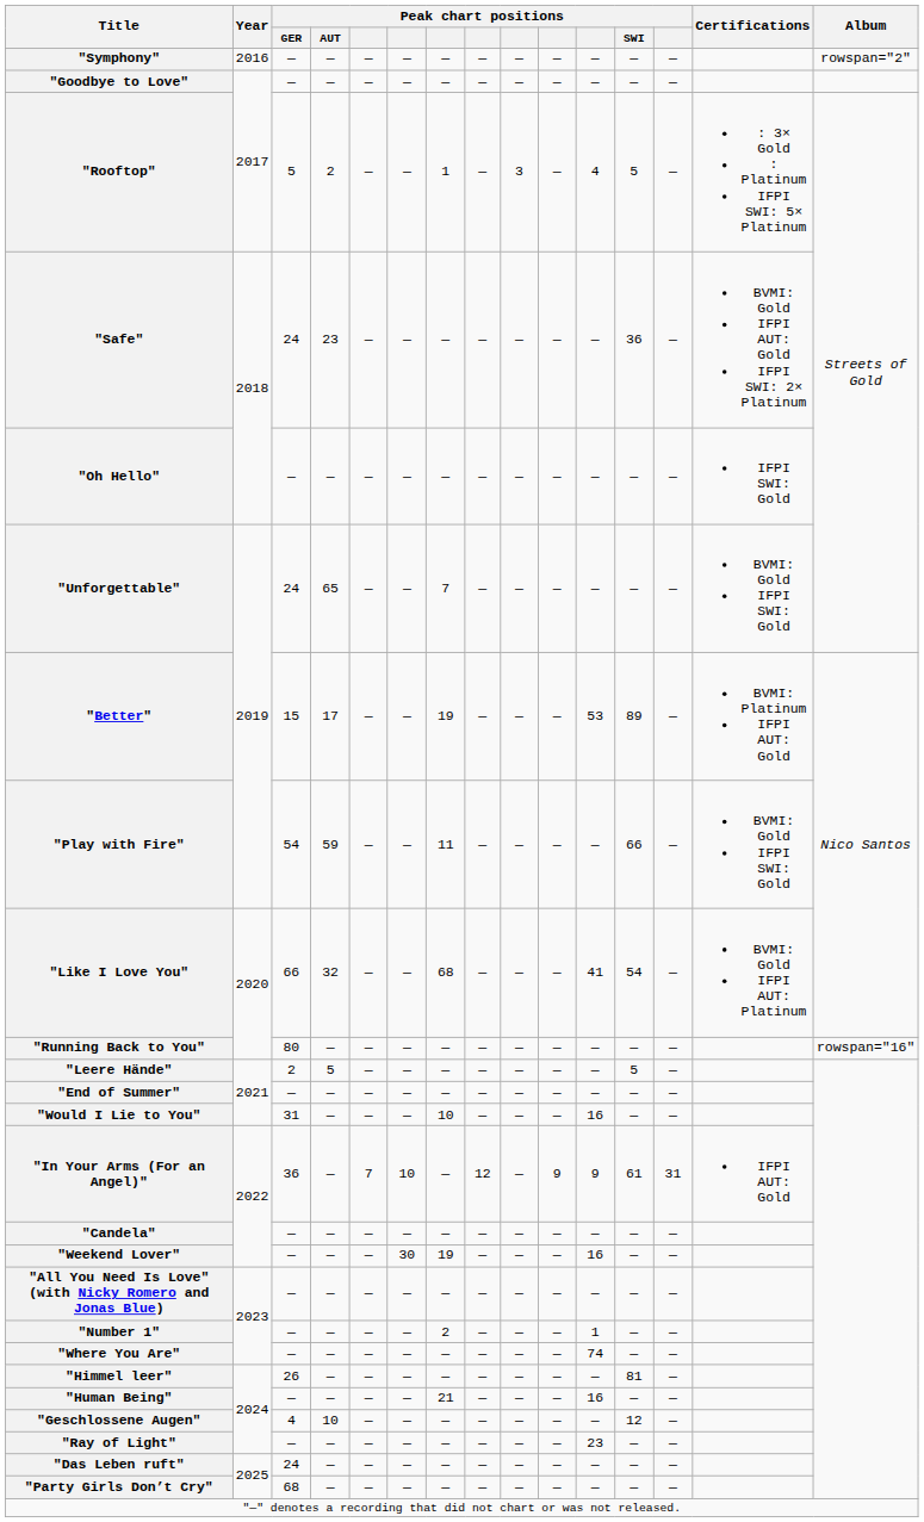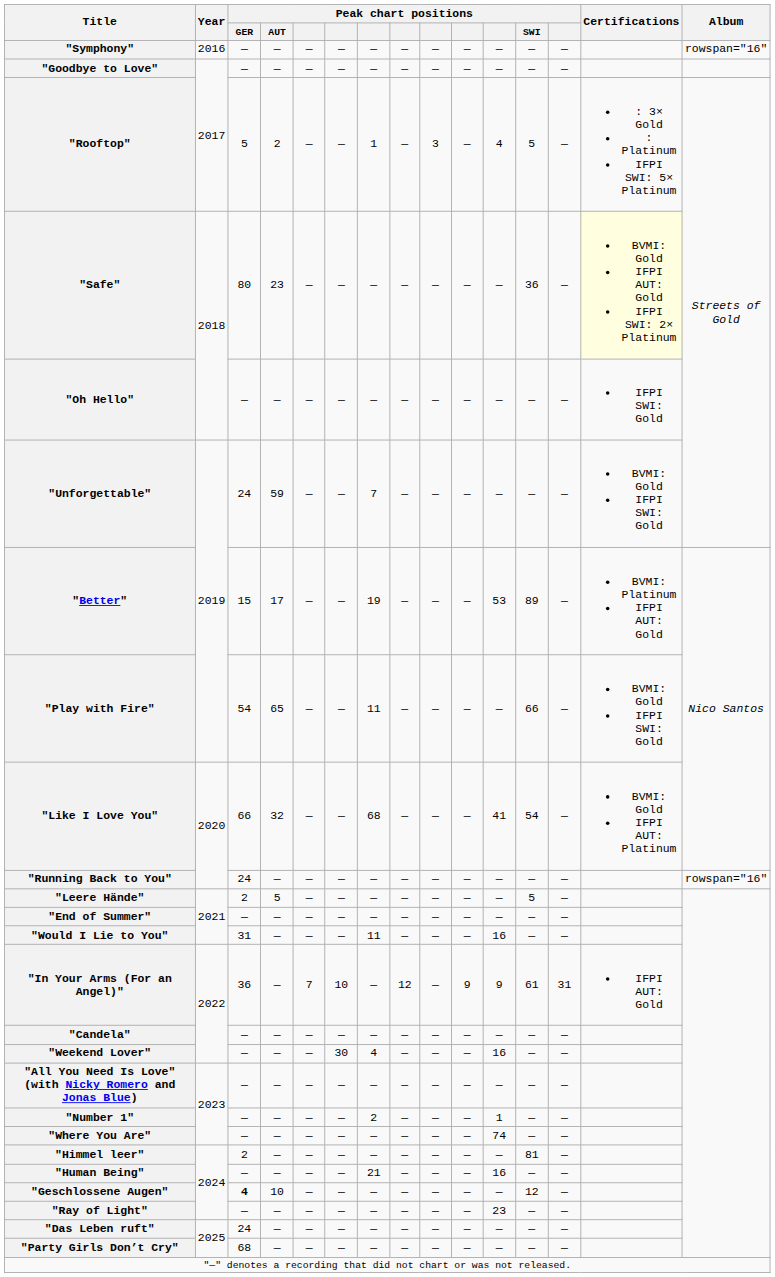 <table class="wikitable plainrowheaders" style="text-align: center;">
 <tr>
 <th scope="col" rowspan="2" style="width:17em;">Title</th>
 <th scope="col" rowspan="2" style="width:1em;">Year</th>
 <th scope="col" colspan="11">Peak chart positions</th>
 <th scope="col" rowspan="2">Certifications</th>
 <th scope="col" rowspan="2">Album</th>
 </tr>
 <tr>
 <th scope="col" style="width:3em; font-size:85%;">GER<br></th>
 <th scope="col" style="width:3em; font-size:85%;">AUT<br></th>
 <th scope="col" style="width:3em; font-size:85%;"><a href='#'></a><br></th>
 <th scope="col" style="width:3em; font-size:85%;"><a href='#'></a><br></th>
 <th scope="col" style="width:3em; font-size:85%;"><a href='#'></a><br></th>
 <th scope="col" style="width:2.5em;font-size:90%;"><a href='#'></a><br></th>
 <th scope="col" style="width:3em; font-size:85%;"><a href='#'></a><br></th>
 <th scope="col" style="width:3em; font-size:85%;"><a href='#'></a><br></th>
 <th scope="col" style="width:3em; font-size:85%;"><a href='#'></a><br></th>
 <th scope="col" style="width:3em; font-size:85%;">SWI<br></th>
 <th scope="col" style="width:3em; font-size:85%;"><a href='#'></a><br></th>
 </tr>
 <tr>
 <th scope="row">"Symphony"<br></th>
 <td>2016</td>
 <td>—</td>
 <td>—</td>
 <td>—</td>
 <td>—</td>
 <td>—</td>
 <td>—</td>
 <td>—</td>
 <td>—</td>
 <td>—</td>
 <td>—</td>
 <td>—</td>
 <td></td>
-<td>rowspan="2" </td>
+<td>rowspan="16" </td>
 </tr>
 <tr>
 <th scope="row">"Goodbye to Love"<br></th>
 <td rowspan="2">2017</td>
 <td>—</td>
 <td>—</td>
 <td>—</td>
 <td>—</td>
 <td>—</td>
 <td>—</td>
 <td>—</td>
 <td>—</td>
 <td>—</td>
 <td>—</td>
 <td>—</td>
 <td></td>
 </tr>
 <tr>
 <th scope="row">"Rooftop"<br></th>
 <td>5</td>
 <td>2</td>
 <td>—</td>
 <td>—</td>
 <td>1</td>
 <td>—</td>
 <td>3</td>
 <td>—</td>
 <td>4</td>
 <td>5</td>
 <td>—</td>
 <td><br><ul><li><a href='#'></a>: 3× Gold</li><li><a href='#'></a>: Platinum</li><li>IFPI SWI: 5× Platinum</li></ul></td>
 <td rowspan="4"><em>Streets of Gold</em></td>
 </tr>
 <tr>
 <th scope="row">"Safe"</th>
 <td rowspan="2">2018</td>
-<td>24</td>
+<td>80</td>
 <td>23</td>
 <td>—</td>
 <td>—</td>
 <td>—</td>
 <td>—</td>
 <td>—</td>
 <td>—</td>
 <td>—</td>
 <td>36</td>
 <td>—</td>
-<td><br><ul><li>BVMI: Gold</li><li>IFPI AUT: Gold</li><li>IFPI SWI: 2× Platinum</li></ul></td>
+<td style="background: lightyellow;"><br><ul><li>BVMI: Gold</li><li>IFPI AUT: Gold</li><li>IFPI SWI: 2× Platinum</li></ul></td>
 </tr>
 <tr>
 <th scope="row">"Oh Hello"</th>
 <td>—</td>
 <td>—</td>
 <td>—</td>
 <td>—</td>
 <td>—</td>
 <td>—</td>
 <td>—</td>
 <td>—</td>
 <td>—</td>
 <td>—</td>
 <td>—</td>
 <td><br><ul><li>IFPI SWI: Gold</li></ul></td>
 </tr>
 <tr>
 <th scope="row">"Unforgettable"</th>
 <td rowspan="3">2019</td>
 <td>24</td>
-<td>65</td>
+<td>59</td>
 <td>—</td>
 <td>—</td>
 <td>7</td>
 <td>—</td>
 <td>—</td>
 <td>—</td>
 <td>—</td>
 <td>—</td>
 <td>—</td>
 <td><br><ul><li>BVMI: Gold</li><li>IFPI SWI: Gold</li></ul></td>
 </tr>
 <tr>
 <th scope="row">"<a href='#'>Better</a>"<br></th>
 <td>15</td>
 <td>17</td>
 <td>—</td>
 <td>—</td>
 <td>19</td>
 <td>—</td>
 <td>—</td>
 <td>—</td>
 <td>53</td>
 <td>89</td>
 <td>—</td>
 <td><br><ul><li>BVMI: Platinum</li><li>IFPI AUT: Gold</li></ul></td>
 <td rowspan="3"><em>Nico Santos</em></td>
 </tr>
 <tr>
 <th scope="row">"Play with Fire"</th>
 <td>54</td>
-<td>59</td>
+<td>65</td>
 <td>—</td>
 <td>—</td>
 <td>11</td>
 <td>—</td>
 <td>—</td>
 <td>—</td>
 <td>—</td>
 <td>66</td>
 <td>—</td>
 <td><br><ul><li>BVMI: Gold</li><li>IFPI SWI: Gold</li></ul></td>
 </tr>
 <tr>
 <th scope="row">"Like I Love You"<br></th>
 <td rowspan="2">2020</td>
 <td>66</td>
 <td>32</td>
 <td>—</td>
 <td>—</td>
 <td>68</td>
 <td>—</td>
 <td>—</td>
 <td>—</td>
 <td>41</td>
 <td>54</td>
 <td>—</td>
 <td><br><ul><li>BVMI: Gold</li><li>IFPI AUT: Platinum</li></ul></td>
 </tr>
 <tr>
 <th scope="row">"Running Back to You"<br></th>
-<td>80</td>
+<td>24</td>
 <td>—</td>
 <td>—</td>
 <td>—</td>
 <td>—</td>
 <td>—</td>
 <td>—</td>
 <td>—</td>
 <td>—</td>
 <td>—</td>
 <td>—</td>
 <td></td>
 <td>rowspan="16" </td>
 </tr>
 <tr>
 <th scope="row">"Leere Hände"<br></th>
 <td rowspan="3">2021</td>
 <td>2</td>
 <td>5</td>
 <td>—</td>
 <td>—</td>
 <td>—</td>
 <td>—</td>
 <td>—</td>
 <td>—</td>
 <td>—</td>
 <td>5</td>
 <td>—</td>
 <td></td>
 </tr>
 <tr>
 <th scope="row">"End of Summer"</th>
 <td>—</td>
 <td>—</td>
 <td>—</td>
 <td>—</td>
 <td>—</td>
 <td>—</td>
 <td>—</td>
 <td>—</td>
 <td>—</td>
 <td>—</td>
 <td>—</td>
 <td></td>
 </tr>
 <tr>
 <th scope="row">"Would I Lie to You"</th>
 <td>31</td>
 <td>—</td>
 <td>—</td>
 <td>—</td>
-<td>10</td>
+<td>11</td>
 <td>—</td>
 <td>—</td>
 <td>—</td>
 <td>16</td>
 <td>—</td>
 <td>—</td>
 <td></td>
 </tr>
 <tr>
 <th scope="row">"In Your Arms (For an Angel)"<br></th>
 <td rowspan="3">2022</td>
 <td>36</td>
 <td>—</td>
 <td>7</td>
 <td>10</td>
 <td>—</td>
 <td>12</td>
 <td>—</td>
 <td>9</td>
 <td>9</td>
 <td>61</td>
 <td>31</td>
 <td><br><ul><li>IFPI AUT: Gold</li></ul></td>
 </tr>
 <tr>
 <th scope="row">"Candela"<br></th>
 <td>―</td>
 <td>—</td>
 <td>—</td>
 <td>—</td>
 <td>—</td>
 <td>—</td>
 <td>—</td>
 <td>—</td>
 <td>—</td>
 <td>—</td>
 <td>—</td>
 <td></td>
 </tr>
 <tr>
 <th scope="row">"Weekend Lover"</th>
 <td>—</td>
 <td>—</td>
 <td>—</td>
 <td>30</td>
-<td>19</td>
+<td>4</td>
 <td>—</td>
 <td>—</td>
 <td>—</td>
 <td>16</td>
 <td>—</td>
 <td>—</td>
 <td></td>
 </tr>
 <tr>
 <th scope="row">"All You Need Is Love"<br><span>(with <a href='#'>Nicky Romero</a> and <a href='#'>Jonas Blue</a>)</span></th>
 <td rowspan=3>2023</td>
 <td>—</td>
 <td>—</td>
 <td>—</td>
 <td>—</td>
 <td>—</td>
 <td>—</td>
 <td>—</td>
 <td>—</td>
 <td>—</td>
 <td>—</td>
 <td>—</td>
 <td></td>
 </tr>
 <tr>
 <th scope="row">"Number 1"</th>
 <td>—</td>
 <td>—</td>
 <td>—</td>
 <td>—</td>
 <td>2</td>
 <td>—</td>
 <td>—</td>
 <td>—</td>
 <td>1</td>
 <td>—</td>
 <td>—</td>
 <td></td>
 </tr>
 <tr>
 <th scope="row">"Where You Are"<br></th>
 <td>—</td>
 <td>—</td>
 <td>—</td>
 <td>—</td>
 <td>—</td>
 <td>—</td>
 <td>—</td>
 <td>—</td>
 <td>74</td>
 <td>—</td>
 <td>—</td>
 <td></td>
 </tr>
 <tr>
 <th scope="row">"Himmel leer"<br></th>
 <td rowspan=4>2024</td>
-<td>26</td>
+<td>2</td>
 <td>—</td>
 <td>—</td>
 <td>—</td>
 <td>—</td>
 <td>—</td>
 <td>—</td>
 <td>—</td>
 <td>—</td>
 <td>81</td>
 <td>—</td>
 <td></td>
 </tr>
 <tr>
 <th scope="row">"Human Being"</th>
 <td>—</td>
 <td>—</td>
 <td>—</td>
 <td>—</td>
 <td>21</td>
 <td>—</td>
 <td>—</td>
 <td>—</td>
 <td>16</td>
 <td>—</td>
 <td>—</td>
 <td></td>
 </tr>
 <tr>
 <th scope="row">"Geschlossene Augen"<br></th>
-<td>4</td>
+<td><strong>4</strong></td>
 <td>10</td>
 <td>—</td>
 <td>—</td>
 <td>—</td>
 <td>—</td>
 <td>—</td>
 <td>—</td>
 <td>—</td>
 <td>12</td>
 <td>—</td>
 <td></td>
 </tr>
 <tr>
 <th scope="row">"Ray of Light"</th>
 <td>—</td>
 <td>—</td>
 <td>—</td>
 <td>—</td>
 <td>—</td>
 <td>—</td>
 <td>—</td>
 <td>—</td>
 <td>23</td>
 <td>—</td>
 <td>—</td>
 <td></td>
 </tr>
 <tr>
 <th scope="row">"Das Leben ruft"<br></th>
 <td rowspan=2>2025</td>
 <td>24</td>
 <td>—</td>
 <td>—</td>
 <td>—</td>
 <td>—</td>
 <td>—</td>
 <td>—</td>
 <td>—</td>
 <td>—</td>
 <td>—</td>
 <td>—</td>
 <td></td>
 </tr>
 <tr>
 <th scope="row">"Party Girls Don’t Cry"<br></th>
 <td>68</td>
 <td>—</td>
 <td>—</td>
 <td>—</td>
 <td>—</td>
 <td>—</td>
 <td>—</td>
 <td>—</td>
 <td>—</td>
 <td>—</td>
 <td>—</td>
 <td></td>
 </tr>
 <tr>
 <td colspan="24" style="font-size:85%;">"—" denotes a recording that did not chart or was not released.</td>
 </tr>
 </table>
